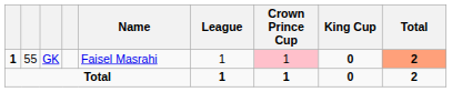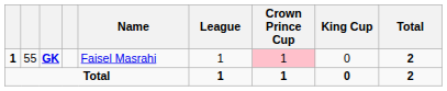 <table class="wikitable" style="text-align:center">
 <tr>
 <th width=15></th>
 <th width=15></th>
 <th width=15></th>
 <th width=15></th>
 <th width=145>Name</th>
 <th width=80>League</th>
 <th width=80>Crown Prince Cup</th>
 <th width=80>King Cup</th>
 <th width=80>Total</th>
 </tr>
 <tr>
 <td><strong>1</strong></td>
 <td>55</td>
-<td><a href='#'>GK</a></td>
+<td><strong><a href='#'>GK</a></strong></td>
 <td></td>
 <td align=left><a href='#'>Faisel Masrahi</a></td>
 <td>1</td>
 <td style="background: pink;">1</td>
-<td><strong>0</strong></td>
-<td style="background: lightsalmon;"><strong>2</strong></td>
+<td>0</td>
+<td><strong>2</strong></td>
 </tr>
 <tr>
 <td colspan=5><strong>Total</strong></td>
 <td><strong>1</strong></td>
 <td><strong>1</strong></td>
 <td><strong>0</strong></td>
 <td><strong>2</strong></td>
 </tr>
 </table>
